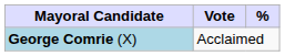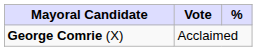 <table class="wikitable">
 <tr>
 <th style="background:#ddf; width:200px;">Mayoral Candidate</th>
 <th style="background:#ddf; width:50px;">Vote</th>
 <th style="background:#ddf; width:30px;">%</th>
 </tr>
 <tr>
-<td style="background: lightblue;"><strong>George Comrie</strong> (X)</td>
+<td><strong>George Comrie</strong> (X)</td>
 <td colspan="2">Acclaimed</td>
 </tr>
 </table>
